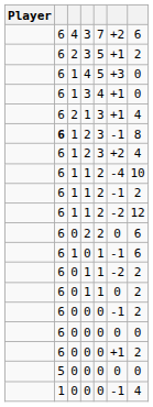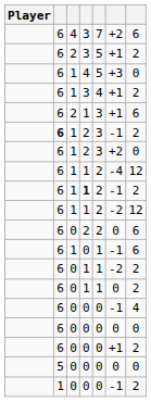 <table class="wikitable sortable" style=text-align:center;">
 <tr>
 <th>Player</th>
 <th></th>
 <th></th>
 <th></th>
 <th></th>
 <th data-sort-type="number"></th>
 <th></th>
 </tr>
 <tr>
 <td></td>
 <td>6</td>
 <td>4</td>
 <td>3</td>
 <td>7</td>
 <td>+2</td>
 <td>6</td>
 </tr>
 <tr>
 <td></td>
 <td>6</td>
 <td>2</td>
 <td>3</td>
 <td>5</td>
 <td>+1</td>
 <td>2</td>
 </tr>
 <tr>
 <td></td>
 <td>6</td>
 <td>1</td>
 <td>4</td>
 <td>5</td>
 <td>+3</td>
 <td>0</td>
 </tr>
 <tr>
 <td></td>
 <td>6</td>
 <td>1</td>
 <td>3</td>
 <td>4</td>
 <td>+1</td>
-<td>0</td>
+<td>2</td>
 </tr>
 <tr>
 <td></td>
 <td>6</td>
 <td>2</td>
 <td>1</td>
 <td>3</td>
 <td>+1</td>
-<td>4</td>
+<td>6</td>
 </tr>
 <tr>
 <td></td>
 <td><strong>6</strong></td>
 <td>1</td>
 <td>2</td>
 <td>3</td>
 <td>-1</td>
-<td>8</td>
+<td>2</td>
 </tr>
 <tr>
 <td></td>
 <td>6</td>
 <td>1</td>
 <td>2</td>
 <td>3</td>
 <td>+2</td>
-<td>4</td>
+<td>0</td>
 </tr>
 <tr>
 <td></td>
 <td>6</td>
 <td>1</td>
 <td>1</td>
 <td>2</td>
 <td>-4</td>
-<td>10</td>
+<td>12</td>
 </tr>
 <tr>
 <td></td>
 <td>6</td>
 <td>1</td>
-<td>1</td>
+<td><strong>1</strong></td>
 <td>2</td>
 <td>-1</td>
 <td>2</td>
 </tr>
 <tr>
 <td></td>
 <td>6</td>
 <td>1</td>
 <td>1</td>
 <td>2</td>
 <td>-2</td>
 <td>12</td>
 </tr>
 <tr>
 <td></td>
 <td>6</td>
 <td>0</td>
 <td>2</td>
 <td>2</td>
 <td>0</td>
 <td>6</td>
 </tr>
 <tr>
 <td></td>
 <td>6</td>
 <td>1</td>
 <td>0</td>
 <td>1</td>
 <td>-1</td>
 <td>6</td>
 </tr>
 <tr>
 <td></td>
 <td>6</td>
 <td>0</td>
 <td>1</td>
 <td>1</td>
 <td>-2</td>
 <td>2</td>
 </tr>
 <tr>
 <td></td>
 <td>6</td>
 <td>0</td>
 <td>1</td>
 <td>1</td>
 <td>0</td>
 <td>2</td>
 </tr>
 <tr>
 <td></td>
 <td>6</td>
 <td>0</td>
 <td>0</td>
 <td>0</td>
 <td>-1</td>
-<td>2</td>
+<td>4</td>
 </tr>
 <tr>
 <td></td>
 <td>6</td>
 <td>0</td>
 <td>0</td>
 <td>0</td>
 <td>0</td>
 <td>0</td>
 </tr>
 <tr>
 <td></td>
 <td>6</td>
 <td>0</td>
 <td>0</td>
 <td>0</td>
 <td>+1</td>
 <td>2</td>
 </tr>
 <tr>
 <td></td>
 <td>5</td>
 <td>0</td>
 <td>0</td>
 <td>0</td>
 <td>0</td>
 <td>0</td>
 </tr>
 <tr>
 <td></td>
 <td>1</td>
 <td>0</td>
 <td>0</td>
 <td>0</td>
 <td>-1</td>
-<td>4</td>
+<td>2</td>
 </tr>
 </table>
